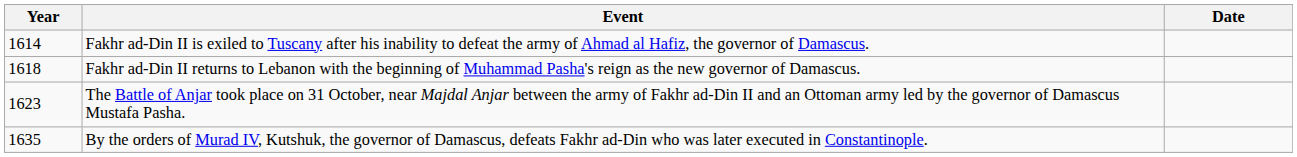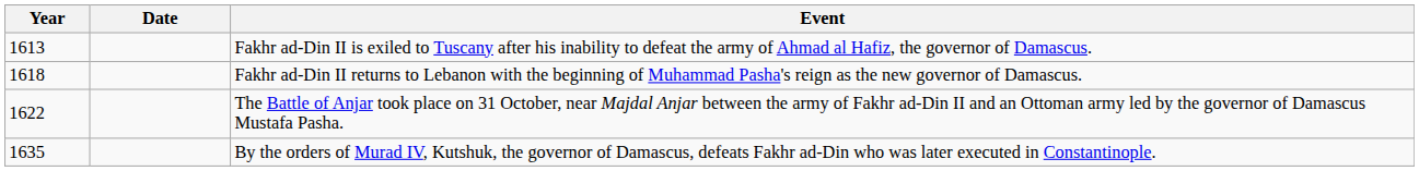 <table class="wikitable" width="100%">
 <tr>
 <th style="width:6%">Year</th>
+<th style="width:10%">Date</th>
 <th>Event</th>
-<th style="width:10%">Date</th>
 </tr>
 <tr>
-<td>1614</td>
+<td>1613</td>
+<td></td>
 <td>Fakhr ad-Din II is exiled to <a href='#'>Tuscany</a> after his inability to defeat the army of <a href='#'>Ahmad al Hafiz</a>, the governor of <a href='#'>Damascus</a>.</td>
-<td></td>
 </tr>
 <tr>
 <td>1618</td>
+<td></td>
 <td>Fakhr ad-Din II returns to Lebanon with the beginning of <a href='#'>Muhammad Pasha</a>'s reign as the new governor of Damascus.</td>
-<td></td>
 </tr>
 <tr>
-<td>1623</td>
+<td>1622</td>
+<td></td>
 <td>The <a href='#'>Battle of Anjar</a> took place on 31 October, near <em>Majdal Anjar</em> between the army of Fakhr ad-Din II and an Ottoman army led by the governor of Damascus Mustafa Pasha.</td>
-<td></td>
 </tr>
 <tr>
 <td>1635</td>
+<td></td>
 <td>By the orders of <a href='#'>Murad IV</a>, Kutshuk, the governor of Damascus, defeats Fakhr ad-Din who was later executed in <a href='#'>Constantinople</a>.</td>
-<td></td>
 </tr>
 </table>
